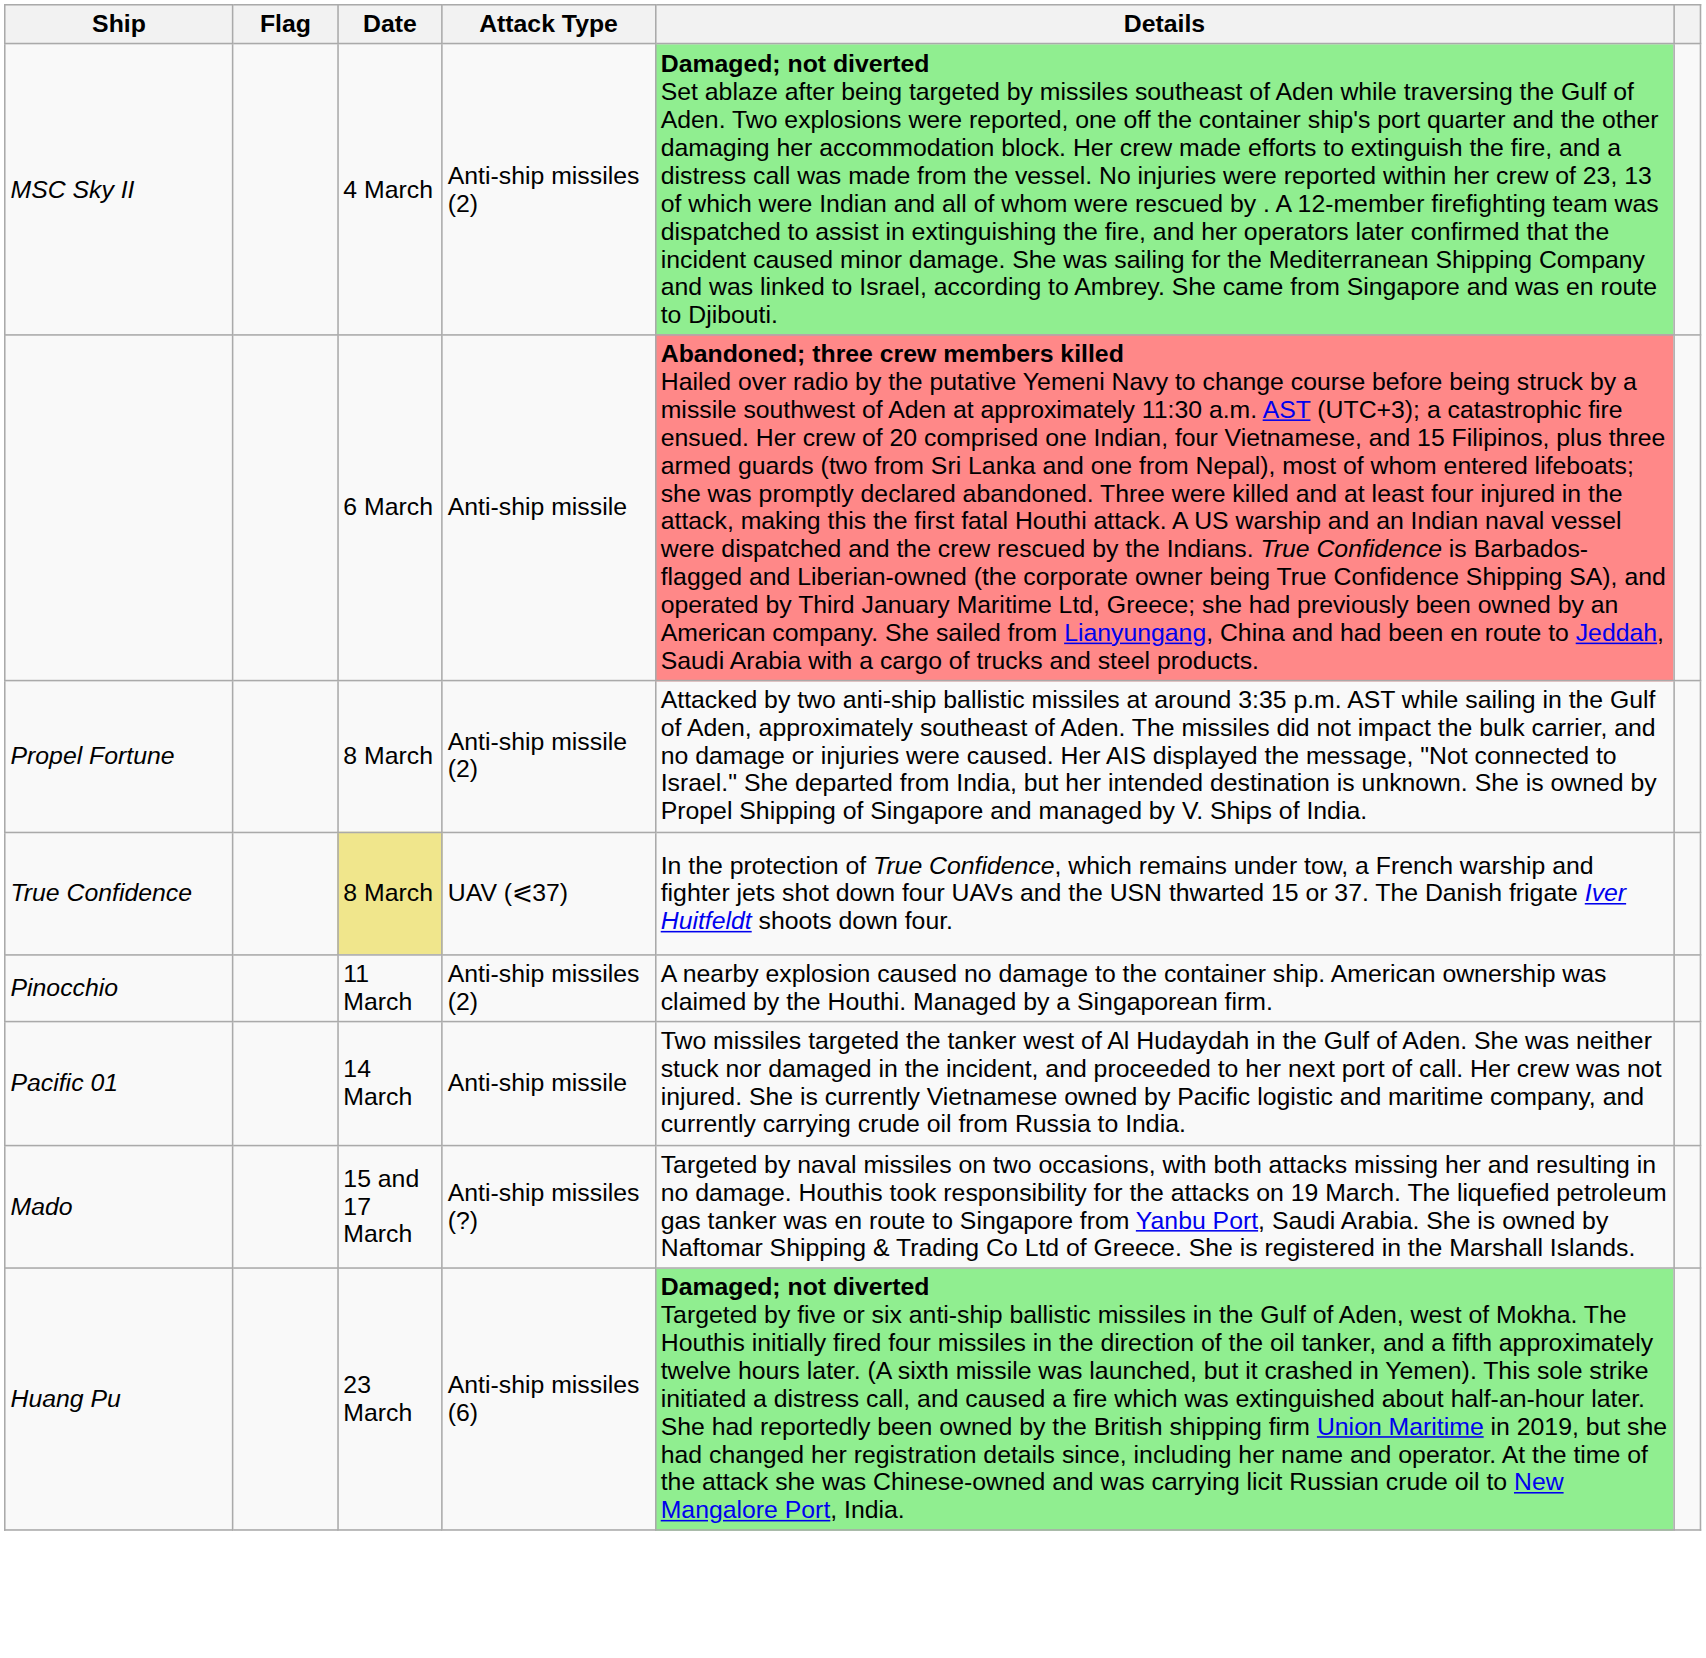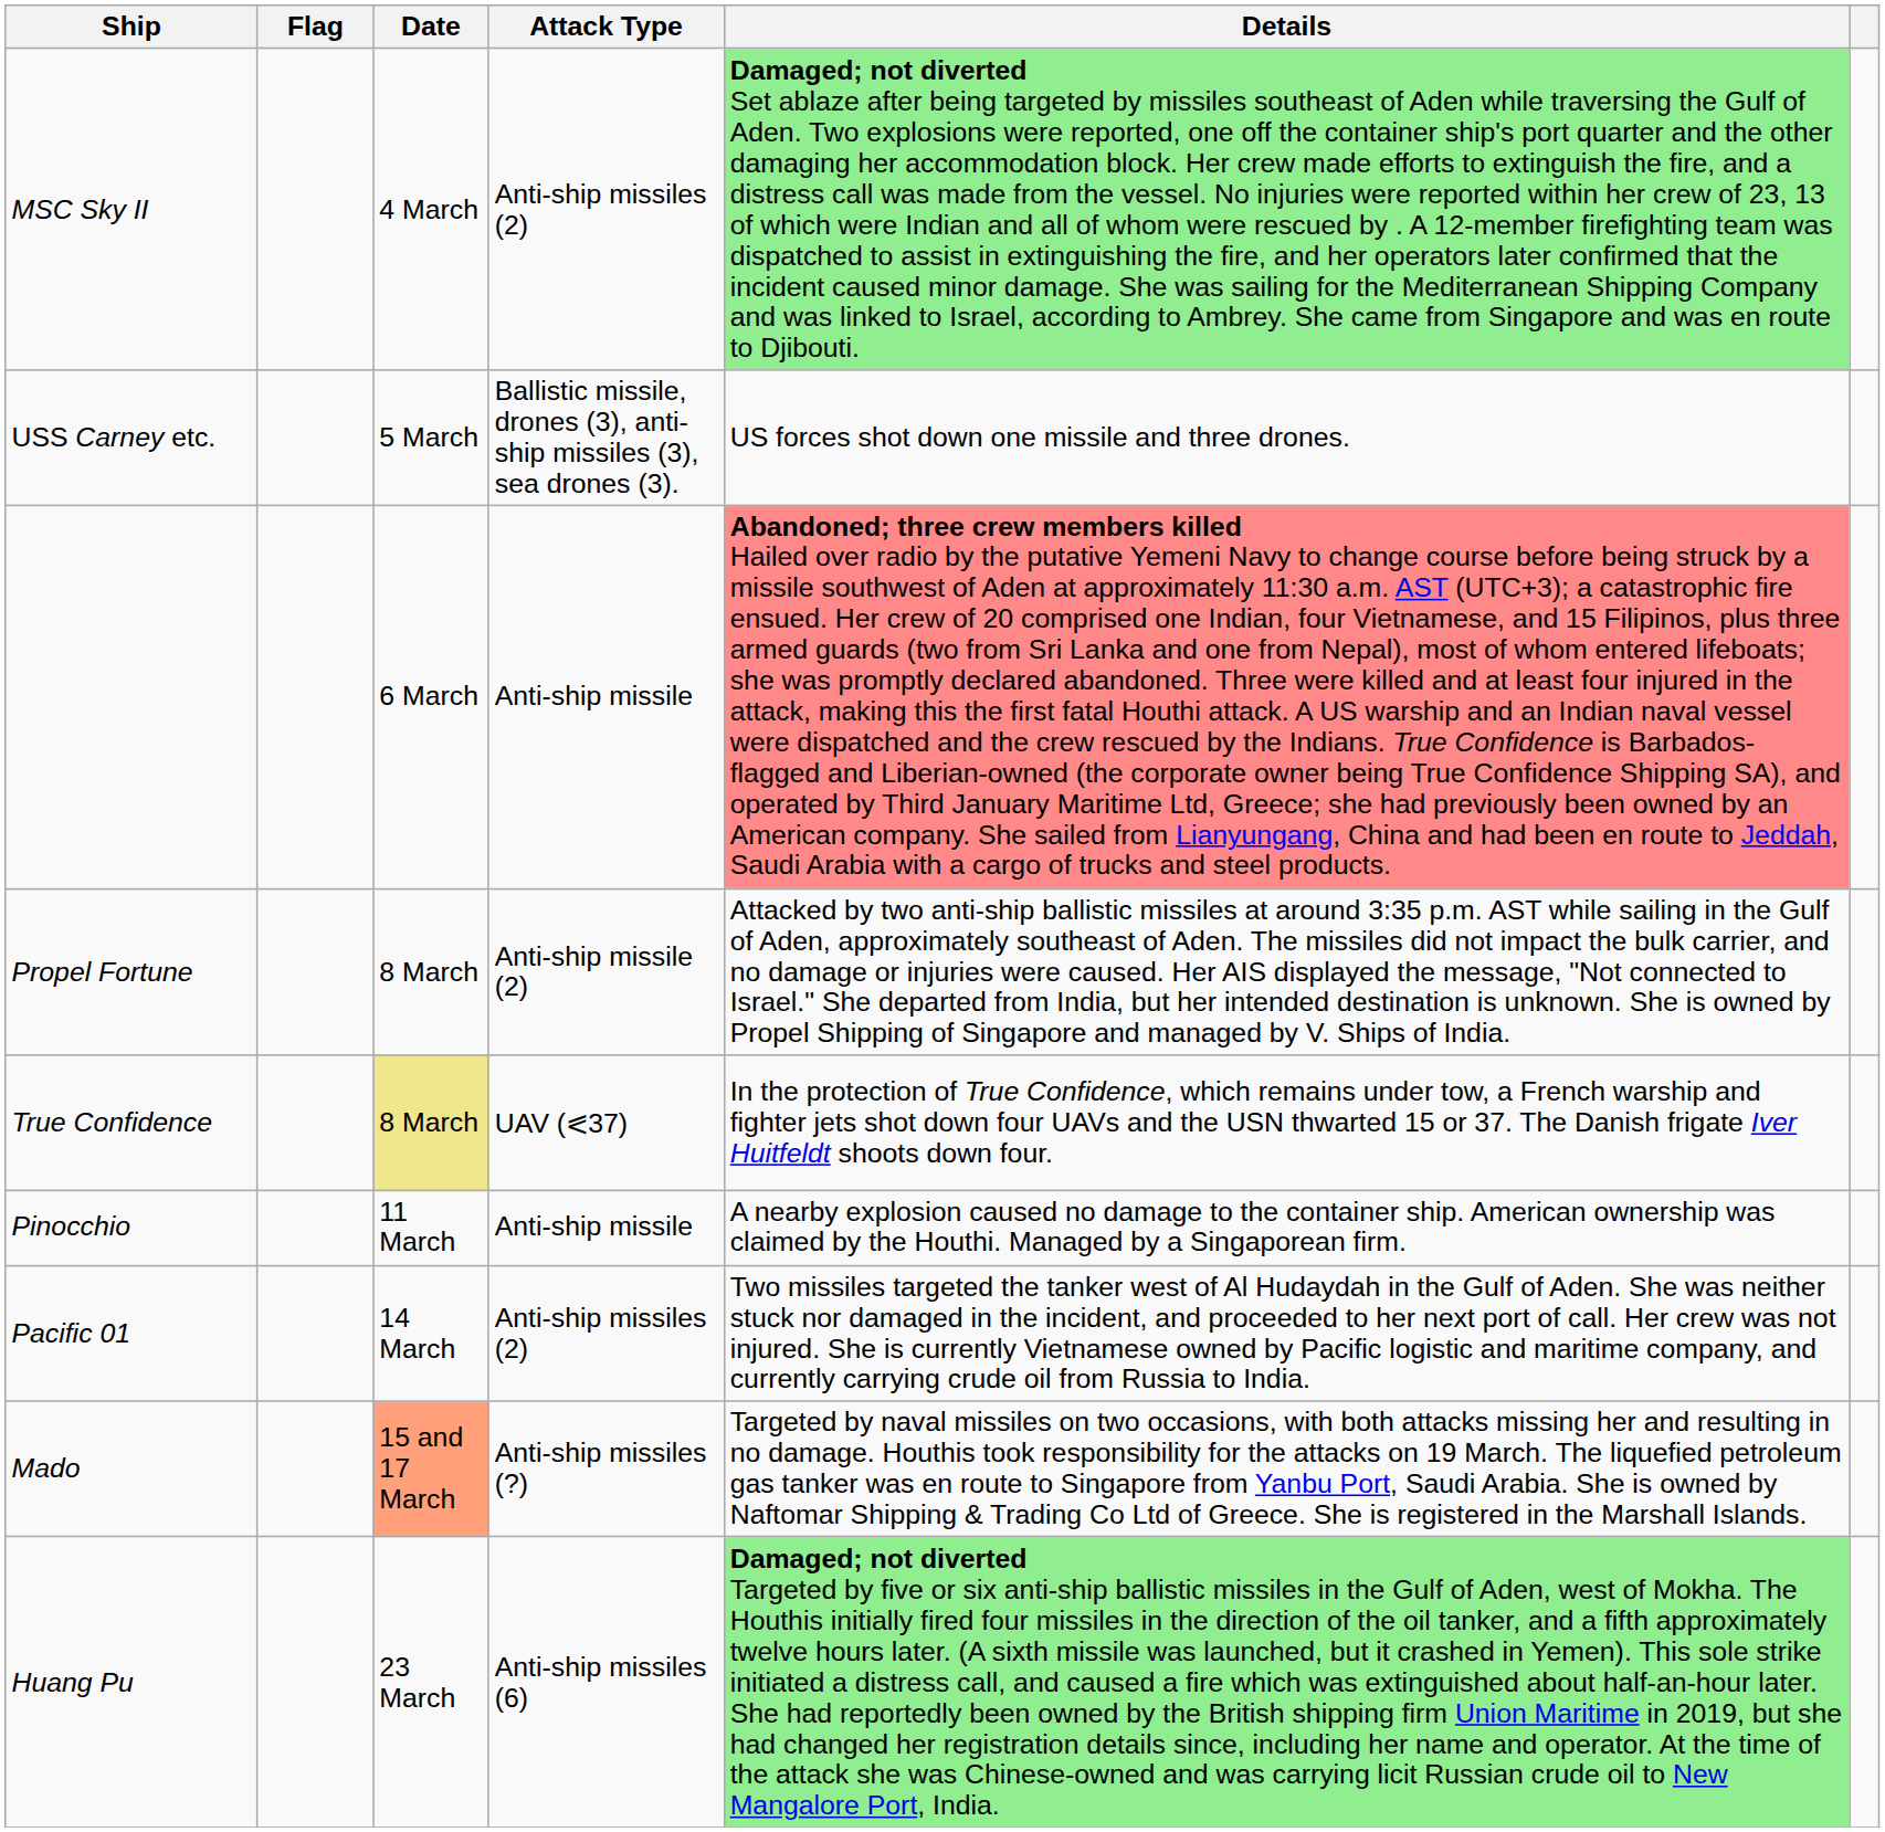 <table class="wikitable sortable sticky-header" style="text-align:left;">
 <tr>
 <th width="140px">Ship</th>
 <th width="60px">Flag</th>
 <th width="60px">Date</th>
 <th width="130px">Attack Type</th>
 <th width="650px">Details</th>
 <th width="10px" class="unsortable"></th>
 </tr>
 <tr>
 <td><em>MSC Sky II</em></td>
 <td></td>
 <td>4 March</td>
 <td>Anti-ship missiles (2)</td>
 <td style="background:#90EE90"><strong>Damaged; not diverted</strong><br>Set ablaze after being targeted by missiles  southeast of Aden while traversing the Gulf of Aden. Two explosions were reported, one off the container ship's port quarter and the other damaging her accommodation block. Her crew made efforts to extinguish the fire, and a distress call was made from the vessel. No injuries were reported within her crew of 23, 13 of which were Indian and all of whom were rescued by . A 12-member firefighting team was dispatched to assist in extinguishing the fire, and her operators later confirmed that the incident caused minor damage. She was sailing for the Mediterranean Shipping Company and was linked to Israel, according to Ambrey. She came from Singapore and was en route to Djibouti.</td>
+<td></td>
+</tr>
+<tr>
+<td>USS <em>Carney</em> etc.</td>
+<td></td>
+<td>5 March</td>
+<td>Ballistic missile, drones (3), anti-ship missiles (3), sea drones (3).</td>
+<td>US forces shot down one missile and three drones.</td>
 <td></td>
 </tr>
 <tr>
 <td></td>
 <td></td>
 <td>6 March</td>
 <td>Anti-ship missile</td>
 <td style="background:#F88"><strong>Abandoned; three crew members killed</strong><br>Hailed over radio by the putative Yemeni Navy to change course before being struck by a missile  southwest of Aden at approximately 11:30 a.m. <a href='#'>AST</a> (UTC+3); a catastrophic fire ensued. Her crew of 20 comprised one Indian, four Vietnamese, and 15 Filipinos, plus three armed guards (two from Sri Lanka and one from Nepal), most of whom entered lifeboats; she was promptly declared abandoned. Three were killed and at least four injured in the attack, making this the first fatal Houthi attack.  A US warship and an Indian naval vessel were dispatched and the crew rescued by the Indians. <em>True Confidence</em> is Barbados-flagged and Liberian-owned (the corporate owner being True Confidence Shipping SA), and operated by Third January Maritime Ltd, Greece; she had previously been owned by an American company. She sailed from <a href='#'>Lianyungang</a>, China and had been en route to <a href='#'>Jeddah</a>, Saudi Arabia with a cargo of trucks and steel products.</td>
 <td></td>
 </tr>
 <tr>
 <td><em>Propel Fortune</em></td>
 <td></td>
 <td>8 March</td>
 <td>Anti-ship missile (2)</td>
 <td>Attacked by two anti-ship ballistic missiles at around 3:35 p.m. AST while sailing in the Gulf of Aden, approximately  southeast of Aden. The missiles did not impact the bulk carrier, and no damage or injuries were caused. Her AIS displayed the message, "Not connected to Israel." She departed from India, but her intended destination is unknown. She is owned by Propel Shipping of Singapore and managed by V. Ships of India.</td>
 <td></td>
 </tr>
 <tr>
 <td><em>True Confidence</em></td>
 <td><br><br><br> <br> </td>
 <td style="background: khaki;">8 March</td>
 <td>UAV (⪕37)</td>
 <td>In the protection of <em>True Confidence</em>, which remains under tow, a French warship and fighter jets shot down four UAVs and the USN thwarted 15 or 37. The Danish frigate <em><a href='#'>Iver Huitfeldt</a></em> shoots down four.</td>
 <td></td>
 </tr>
 <tr>
 <td><em>Pinocchio</em></td>
 <td></td>
 <td>11 March</td>
-<td>Anti-ship missiles (2)</td>
+<td>Anti-ship missile</td>
 <td>A nearby explosion caused no damage to the container ship. American ownership was claimed by the Houthi. Managed by a Singaporean firm.</td>
 <td></td>
 </tr>
 <tr>
 <td><em>Pacific 01</em></td>
 <td></td>
 <td>14 March</td>
-<td>Anti-ship missile</td>
+<td>Anti-ship missiles (2)</td>
 <td>Two missiles targeted the tanker  west of Al Hudaydah in the Gulf of Aden. She was neither stuck nor damaged in the incident, and proceeded to her next port of call. Her crew was not injured. She is currently Vietnamese owned by Pacific logistic and maritime company, and currently  carrying crude oil from Russia to India.</td>
 <td></td>
 </tr>
 <tr>
 <td><em>Mado</em></td>
 <td></td>
-<td>15 and 17 March</td>
+<td style="background: lightsalmon;">15 and 17 March</td>
 <td>Anti-ship missiles (?)</td>
 <td>Targeted by naval missiles on two occasions, with both attacks missing her and resulting in no damage. Houthis took responsibility for the attacks on 19 March. The liquefied petroleum gas tanker was en route to Singapore from <a href='#'>Yanbu Port</a>, Saudi Arabia. She is owned by Naftomar Shipping & Trading Co Ltd of Greece. She is registered in the Marshall Islands.</td>
 <td></td>
 </tr>
 <tr>
 <td><em>Huang Pu</em></td>
 <td></td>
 <td>23 March</td>
 <td>Anti-ship missiles (6)</td>
 <td style="background:#90EE90"><strong>Damaged; not diverted</strong><br>Targeted by five or six anti-ship ballistic missiles in the Gulf of Aden,  west of Mokha. The Houthis initially fired four missiles in the direction of the oil tanker, and a fifth approximately twelve hours later.  (A sixth missile was launched, but it crashed in Yemen). This sole strike initiated a distress call, and caused a fire which was extinguished about half-an-hour later. She had reportedly been owned by the British shipping firm <a href='#'>Union Maritime</a> in 2019, but she had changed her registration details since, including her name and operator. At the time of the attack she was Chinese-owned and was carrying licit Russian crude oil to <a href='#'>New Mangalore Port</a>, India.</td>
 <td></td>
 </tr>
 </table>
